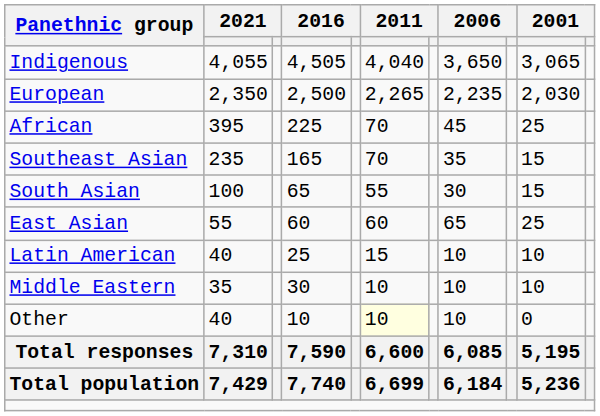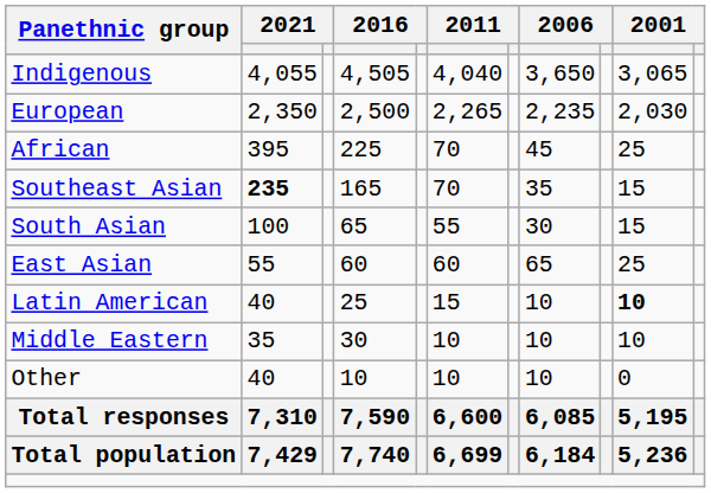 <table class="wikitable collapsible sortable">
 <tr>
 <th rowspan="2"><a href='#'>Panethnic</a> group</th>
 <th colspan="2">2021</th>
 <th colspan="2">2016</th>
 <th colspan="2">2011</th>
 <th colspan="2">2006</th>
 <th colspan="2">2001</th>
 </tr>
 <tr>
 <th><a href='#'></a></th>
 <th></th>
 <th></th>
 <th></th>
 <th></th>
 <th></th>
 <th></th>
 <th></th>
 <th></th>
 <th></th>
 </tr>
 <tr>
 <td><a href='#'>Indigenous</a></td>
 <td>4,055</td>
 <td></td>
 <td>4,505</td>
 <td></td>
 <td>4,040</td>
 <td></td>
 <td>3,650</td>
 <td></td>
 <td>3,065</td>
 <td></td>
 </tr>
 <tr>
 <td><a href='#'>European</a></td>
 <td>2,350</td>
 <td></td>
 <td>2,500</td>
 <td></td>
 <td>2,265</td>
 <td></td>
 <td>2,235</td>
 <td></td>
 <td>2,030</td>
 <td></td>
 </tr>
 <tr>
 <td><a href='#'>African</a></td>
 <td>395</td>
 <td></td>
 <td>225</td>
 <td></td>
 <td>70</td>
 <td></td>
 <td>45</td>
 <td></td>
 <td>25</td>
 <td></td>
 </tr>
 <tr>
 <td><a href='#'>Southeast Asian</a></td>
-<td>235</td>
+<td><strong>235</strong></td>
 <td></td>
 <td>165</td>
 <td></td>
 <td>70</td>
 <td></td>
 <td>35</td>
 <td></td>
 <td>15</td>
 <td></td>
 </tr>
 <tr>
 <td><a href='#'>South Asian</a></td>
 <td>100</td>
 <td></td>
 <td>65</td>
 <td></td>
 <td>55</td>
 <td></td>
 <td>30</td>
 <td></td>
 <td>15</td>
 <td></td>
 </tr>
 <tr>
 <td><a href='#'>East Asian</a></td>
 <td>55</td>
 <td></td>
 <td>60</td>
 <td></td>
 <td>60</td>
 <td></td>
 <td>65</td>
 <td></td>
 <td>25</td>
 <td></td>
 </tr>
 <tr>
 <td><a href='#'>Latin American</a></td>
 <td>40</td>
 <td></td>
 <td>25</td>
 <td></td>
 <td>15</td>
 <td></td>
 <td>10</td>
 <td></td>
-<td>10</td>
+<td><strong>10</strong></td>
 <td></td>
 </tr>
 <tr>
 <td><a href='#'>Middle Eastern</a></td>
 <td>35</td>
 <td></td>
 <td>30</td>
 <td></td>
 <td>10</td>
 <td></td>
 <td>10</td>
 <td></td>
 <td>10</td>
 <td></td>
 </tr>
 <tr>
 <td>Other</td>
 <td>40</td>
 <td></td>
 <td>10</td>
 <td></td>
-<td style="background: lightyellow;">10</td>
+<td>10</td>
 <td></td>
 <td>10</td>
 <td></td>
 <td>0</td>
 <td></td>
 </tr>
 <tr>
 <th>Total responses</th>
 <th>7,310</th>
 <th></th>
 <th>7,590</th>
 <th></th>
 <th>6,600</th>
 <th></th>
 <th>6,085</th>
 <th></th>
 <th>5,195</th>
 <th></th>
 </tr>
 <tr>
 <th>Total population</th>
 <th>7,429</th>
 <th></th>
 <th>7,740</th>
 <th></th>
 <th>6,699</th>
 <th></th>
 <th>6,184</th>
 <th></th>
 <th>5,236</th>
 <th></th>
 </tr>
 <tr class="sortbottom">
 <td colspan="11"></td>
 </tr>
 </table>
